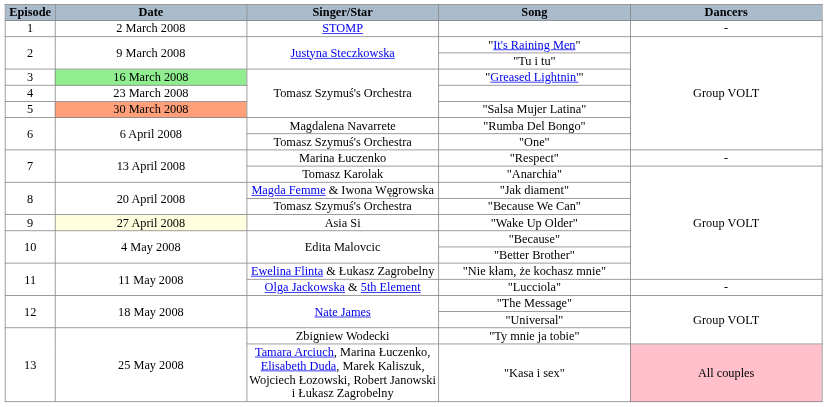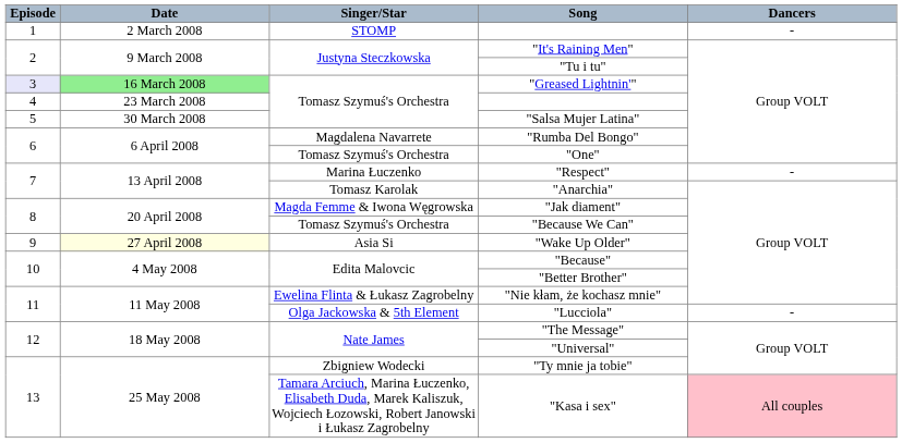 <table style="text-align: center; width: 84%; margin: 0 auto; border-collapse: collapse" border="1" cellpadding="1" cellspacing="1">
 <tr style="background: #ABC">
 <th width="4%">Episode</th>
 <th width="20%">Date</th>
 <th width="20%">Singer/Star</th>
 <th width="20%">Song</th>
 <th width="20%">Dancers</th>
 </tr>
 <tr>
 <td>1</td>
 <td>2 March 2008</td>
 <td><a href='#'>STOMP</a></td>
 <td></td>
 <td>-</td>
 </tr>
 <tr>
 <td rowspan=2>2</td>
 <td rowspan=2>9 March 2008</td>
 <td rowspan=2><a href='#'>Justyna Steczkowska</a></td>
 <td>"<a href='#'>It's Raining Men</a>"</td>
 <td rowspan="7">Group VOLT</td>
 </tr>
 <tr>
 <td>"Tu i tu"</td>
 </tr>
 <tr>
-<td>3</td>
+<td style="background: lavender;">3</td>
 <td style="background: lightgreen;">16 March 2008</td>
 <td rowspan="3">Tomasz Szymuś's Orchestra</td>
 <td>"<a href='#'>Greased Lightnin'</a>"</td>
 </tr>
 <tr>
 <td>4</td>
 <td>23 March 2008</td>
 <td></td>
 </tr>
 <tr>
 <td>5</td>
-<td style="background: lightsalmon;">30 March 2008</td>
+<td>30 March 2008</td>
 <td>"Salsa Mujer Latina"</td>
 </tr>
 <tr>
 <td rowspan=2>6</td>
 <td rowspan=2>6 April 2008</td>
 <td>Magdalena Navarrete</td>
 <td>"Rumba Del Bongo"</td>
 </tr>
 <tr>
 <td>Tomasz Szymuś's Orchestra</td>
 <td>"One"</td>
 </tr>
 <tr>
 <td rowspan=2>7</td>
 <td rowspan=2>13 April 2008</td>
 <td>Marina Łuczenko</td>
 <td>"Respect"</td>
 <td>-</td>
 </tr>
 <tr>
 <td>Tomasz Karolak</td>
 <td>"Anarchia"</td>
 <td rowspan="7">Group VOLT</td>
 </tr>
 <tr>
 <td rowspan=2>8</td>
 <td rowspan=2>20 April 2008</td>
 <td><a href='#'>Magda Femme</a> & Iwona Węgrowska</td>
 <td>"Jak diament"</td>
 </tr>
 <tr>
 <td>Tomasz Szymuś's Orchestra</td>
 <td>"Because We Can"</td>
 </tr>
 <tr>
 <td>9</td>
 <td style="background: lightyellow;">27 April 2008</td>
 <td>Asia Si</td>
 <td>"Wake Up Older"</td>
 </tr>
 <tr>
 <td rowspan=2>10</td>
 <td rowspan=2>4 May 2008</td>
 <td rowspan=2>Edita Malovcic</td>
 <td>"Because"</td>
 </tr>
 <tr>
 <td>"Better Brother"</td>
 </tr>
 <tr>
 <td rowspan=2>11</td>
 <td rowspan=2>11 May 2008</td>
 <td><a href='#'>Ewelina Flinta</a> & Łukasz Zagrobelny</td>
 <td>"Nie kłam, że kochasz mnie"</td>
 </tr>
 <tr>
 <td><a href='#'>Olga Jackowska</a> & <a href='#'>5th Element</a></td>
 <td>"Lucciola"</td>
 <td>-</td>
 </tr>
 <tr>
 <td rowspan=2>12</td>
 <td rowspan=2>18 May 2008</td>
 <td rowspan=2><a href='#'>Nate James</a></td>
 <td>"The Message"</td>
 <td rowspan="3">Group VOLT</td>
 </tr>
 <tr>
 <td>"Universal"</td>
 </tr>
 <tr>
 <td rowspan=2>13</td>
 <td rowspan=2>25 May 2008</td>
 <td>Zbigniew Wodecki</td>
 <td>"Ty mnie ja tobie"</td>
 </tr>
 <tr>
 <td><a href='#'>Tamara Arciuch</a>, Marina Łuczenko, <a href='#'>Elisabeth Duda</a>, Marek Kaliszuk, Wojciech Łozowski, Robert Janowski i Łukasz Zagrobelny</td>
 <td>"Kasa i sex"</td>
 <td style="background: pink;">All couples</td>
 </tr>
 </table>
